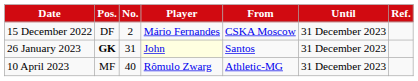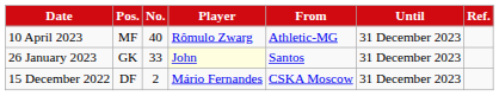 <table class="wikitable plainrowheaders sortable">
 <tr>
 <th style="background:#D10A11; color:#ffffff; ">Date</th>
 <th style="background:#D10A11; color:#ffffff; ">Pos.</th>
 <th style="background:#D10A11; color:#ffffff; ">No.</th>
 <th style="background:#D10A11; color:#ffffff; ">Player</th>
 <th style="background:#D10A11; color:#ffffff; ">From</th>
 <th style="background:#D10A11; color:#ffffff; ">Until</th>
 <th style="background:#D10A11; color:#ffffff; ">Ref.</th>
 </tr>
 <tr>
+<td>10 April 2023</td>
+<td style="text-align:center;">MF</td>
+<td style="text-align:center;">40</td>
+<td> <a href='#'>Rômulo Zwarg</a></td>
+<td> <a href='#'>Athletic-MG</a></td>
+<td>31 December 2023</td>
+<td></td>
+</tr>
+<tr>
+<td>26 January 2023</td>
+<td style="text-align:center;">GK</td>
+<td style="text-align:center;">33</td>
+<td style="background: lightyellow; text-align:left;"> <a href='#'>John</a></td>
+<td style="text-aglin:left;"> <a href='#'>Santos</a></td>
+<td>31 December 2023</td>
+<td></td>
+</tr>
+<tr>
 <td>15 December 2022</td>
 <td style="text-align:center;">DF</td>
 <td style="text-align:center;">2</td>
 <td style="text-align:left;"> <a href='#'>Mário Fernandes</a></td>
 <td style="text-align:left;"> <a href='#'>CSKA Moscow</a></td>
 <td>31 December 2023</td>
 <td></td>
 </tr>
-<tr>
-<td>26 January 2023</td>
-<td style="text-align:center;"><strong>GK</strong></td>
-<td style="text-align:center;">31</td>
-<td style="background: lightyellow; text-align:left;"> <a href='#'>John</a></td>
-<td style="text-aglin:left;"> <a href='#'>Santos</a></td>
-<td>31 December 2023</td>
-<td></td>
-</tr>
-<tr>
-<td>10 April 2023</td>
-<td style="text-align:center;">MF</td>
-<td style="text-align:center;">40</td>
-<td> <a href='#'>Rômulo Zwarg</a></td>
-<td> <a href='#'>Athletic-MG</a></td>
-<td>31 December 2023</td>
-<td></td>
-</tr>
 </table>
